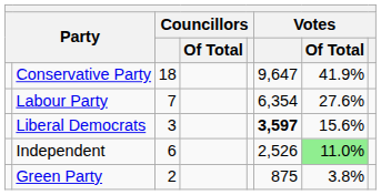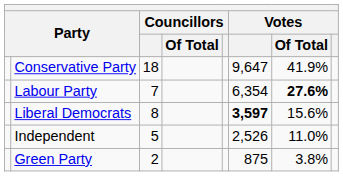 <table class="wikitable sortable" style="text-align:center;">
 <tr>
 <th colspan="8"></th>
 </tr>
 <tr>
 <th colspan="2" rowspan="2">Party</th>
 <th colspan="3">Councillors</th>
 <th colspan="3">Votes</th>
 </tr>
 <tr>
 <th></th>
 <th>Of Total</th>
 <th class="unsortable"></th>
 <th></th>
 <th>Of Total</th>
 <th class="unsortable"></th>
 </tr>
 <tr>
 <td style="background:"></td>
 <td style="text-align:left;"><a href='#'>Conservative Party</a></td>
 <td style="text-align:right;">18</td>
 <td style="text-align:right;"></td>
 <td data-sort-value=""></td>
 <td style="text-align:right;">9,647</td>
 <td style="text-align:right;">41.9%</td>
 <td></td>
 </tr>
 <tr>
 <td style="background:"></td>
 <td style="text-align:left;"><a href='#'>Labour Party</a></td>
 <td style="text-align:right;">7</td>
 <td style="text-align:right;"></td>
 <td data-sort-value=""></td>
 <td style="text-align:right;">6,354</td>
-<td style="text-align:right;">27.6%</td>
+<td style="text-align:right;"><strong>27.6%</strong></td>
 <td></td>
 </tr>
 <tr>
 <td style="background:"></td>
 <td style="text-align:left;"><a href='#'>Liberal Democrats</a></td>
-<td style="text-align:right;">3</td>
+<td style="text-align:right;">8</td>
 <td style="text-align:right;"></td>
 <td data-sort-value=""></td>
 <td style="text-align:right;"><strong>3,597</strong></td>
 <td style="text-align:right;">15.6%</td>
 <td></td>
 </tr>
 <tr>
 <td style="background:"></td>
 <td style="text-align:left;">Independent</td>
-<td style="text-align:right;">6</td>
+<td style="text-align:right;">5</td>
 <td style="text-align:right;"></td>
 <td data-sort-value=""></td>
 <td style="text-align:right;">2,526</td>
-<td style="background: lightgreen; text-align:right;">11.0%</td>
+<td style="text-align:right;">11.0%</td>
 <td></td>
 </tr>
 <tr>
 <td style="background:"></td>
 <td style="text-align:left;"><a href='#'>Green Party</a></td>
 <td style="text-align:right;">2</td>
 <td style="text-align:right;"></td>
 <td data-sort-value=""></td>
 <td style="text-align:right;">875</td>
 <td style="text-align:right;">3.8%</td>
 <td></td>
 </tr>
 </table>
